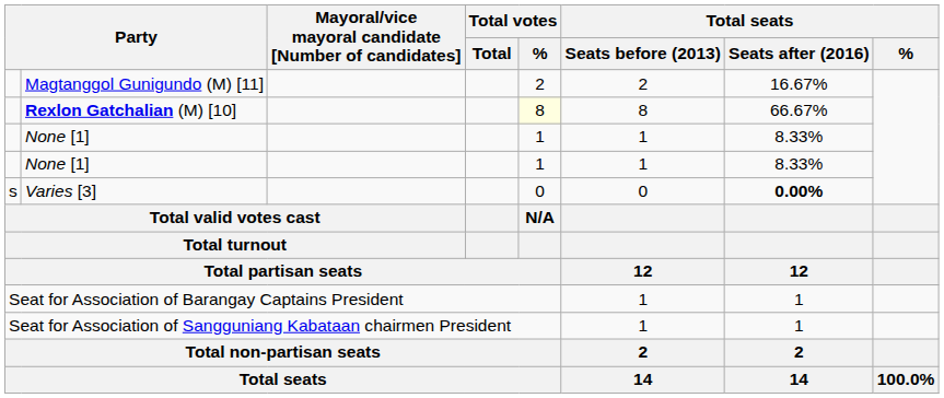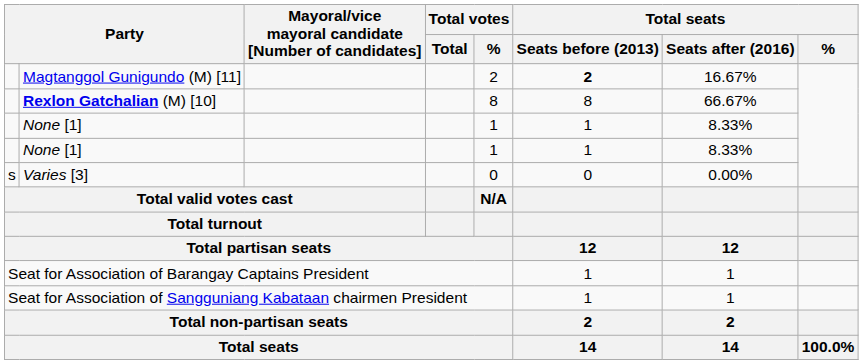 <table class=wikitable style="text-align:right">
 <tr>
 <th rowspan=2 colspan=2>Party</th>
 <th rowspan=2>Mayoral/vice<br>mayoral candidate<br>[Number of candidates]</th>
 <th colspan=2>Total votes</th>
 <th colspan=3>Total seats</th>
 </tr>
 <tr>
 <th>Total</th>
 <th>%</th>
 <th>Seats before (2013)</th>
 <th>Seats after (2016)</th>
 <th>%</th>
 </tr>
 <tr>
 <td></td>
 <td align=left><a href='#'>Magtanggol Gunigundo</a> (M) [11]</td>
 <td></td>
 <td></td>
 <td align="center">2</td>
-<td align="center">2</td>
+<td align="center"><strong>2</strong></td>
 <td align="center">16.67%</td>
 </tr>
 <tr>
 <td></td>
 <td align=left><strong><a href='#'>Rexlon Gatchalian</a></strong> (M) [10]</td>
 <td></td>
 <td></td>
-<td align="center" style="background: lightyellow;">8</td>
+<td align="center">8</td>
 <td align="center">8</td>
 <td align="center">66.67%</td>
 </tr>
 <tr>
 <td></td>
 <td align=left><em>None</em> [1]</td>
 <td></td>
 <td></td>
 <td align="center">1</td>
 <td align="center">1</td>
 <td align="center">8.33%</td>
 </tr>
 <tr>
 <td></td>
 <td align=left><em>None</em> [1]</td>
 <td></td>
 <td></td>
 <td align="center">1</td>
 <td align="center">1</td>
 <td align="center">8.33%</td>
 </tr>
 <tr>
 <td>s</td>
 <td align=left><em>Varies</em> [3]</td>
 <td></td>
 <td></td>
 <td align="center">0</td>
 <td align="center">0</td>
-<td align="center"><strong>0.00%</strong></td>
+<td align="center">0.00%</td>
 </tr>
 <tr>
 <th align=left colspan=3>Total valid votes cast</th>
 <th></th>
 <th>N/A</th>
 <th></th>
 <th></th>
 <th></th>
 </tr>
 <tr>
 <th align=left colspan=3>Total turnout</th>
 <th></th>
 <th></th>
 <th></th>
 <th></th>
 <th></th>
 </tr>
 <tr>
 <th align=left colspan=5>Total partisan seats</th>
 <th>12</th>
 <th>12</th>
 <th></th>
 </tr>
 <tr>
 <td align=left colspan=5>Seat for Association of Barangay Captains President</td>
 <td align="center">1</td>
 <td align="center">1</td>
 <td></td>
 </tr>
 <tr>
 <td align=left colspan=5>Seat for Association of <a href='#'>Sangguniang Kabataan</a> chairmen President</td>
 <td align="center">1</td>
 <td align="center">1</td>
 <td></td>
 </tr>
 <tr>
 <th align=left colspan=5>Total non-partisan seats</th>
 <th>2</th>
 <th>2</th>
 <th></th>
 </tr>
 <tr>
 <th colspan=5>Total seats</th>
 <th>14</th>
 <th>14</th>
 <th>100.0%</th>
 </tr>
 </table>
